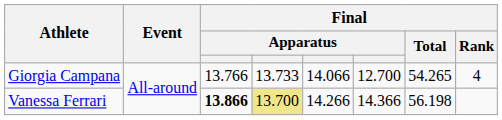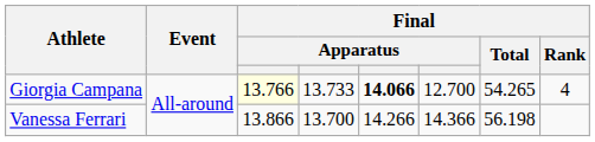 <table class="wikitable" style="font-size:90%">
 <tr>
 <th rowspan=3>Athlete</th>
 <th rowspan=3>Event</th>
 <th colspan=6>Final</th>
 </tr>
 <tr style="font-size:95%">
 <th colspan=4>Apparatus</th>
 <th rowspan=2>Total</th>
 <th rowspan=2>Rank</th>
 </tr>
 <tr style="font-size:95%">
 <th></th>
 <th></th>
 <th></th>
 <th></th>
 </tr>
 <tr align=center>
 <td align=left><a href='#'>Giorgia Campana</a></td>
 <td align=left rowspan=2><a href='#'>All-around</a></td>
-<td>13.766</td>
+<td style="background: lightyellow;">13.766</td>
 <td>13.733</td>
-<td>14.066</td>
+<td><strong>14.066</strong></td>
 <td>12.700</td>
 <td>54.265</td>
 <td>4</td>
 </tr>
 <tr align=center>
 <td align=left><a href='#'>Vanessa Ferrari</a></td>
-<td><strong>13.866</strong></td>
-<td style="background: khaki;">13.700</td>
+<td>13.866</td>
+<td>13.700</td>
 <td>14.266</td>
 <td>14.366</td>
 <td>56.198</td>
 <td></td>
 </tr>
 </table>
